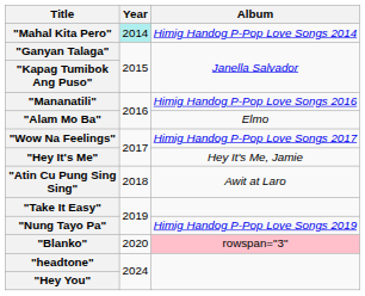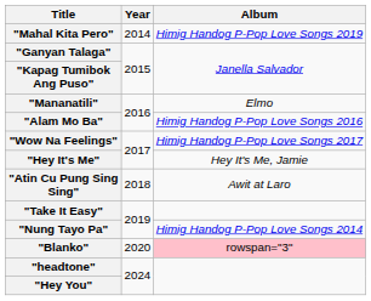 <table class="wikitable plainrowheaders" style="text-align:center;">
 <tr>
 <th scope="col" rowspan="1" style="width:150px;">Title</th>
 <th scope="col" rowspan="1">Year</th>
 <th scope="col" rowspan="1">Album</th>
 </tr>
 <tr>
 <th scope="row">"Mahal Kita Pero"</th>
-<td style="background: paleturquoise;">2014</td>
-<td><em><a href='#'>Himig Handog P-Pop Love Songs 2014</a></em></td>
+<td>2014</td>
+<td><em><a href='#'>Himig Handog P-Pop Love Songs 2019</a></em></td>
 </tr>
 <tr>
 <th scope="row">"Ganyan Talaga"</th>
 <td rowspan="2">2015</td>
 <td rowspan="2"><em><a href='#'>Janella Salvador</a></em></td>
 </tr>
 <tr>
 <th scope="row">"Kapag Tumibok Ang Puso"</th>
 </tr>
 <tr>
 <th scope="row">"Mananatili"<br></th>
 <td rowspan="2">2016</td>
-<td><em><a href='#'>Himig Handog P-Pop Love Songs 2016</a></em></td>
+<td><em>Elmo</em></td>
 </tr>
 <tr>
 <th scope="row">"Alam Mo Ba"<br></th>
-<td><em>Elmo</em></td>
+<td><em><a href='#'>Himig Handog P-Pop Love Songs 2016</a></em></td>
 </tr>
 <tr>
 <th scope="row">"Wow Na Feelings"</th>
 <td rowspan="2">2017</td>
 <td><em><a href='#'>Himig Handog P-Pop Love Songs 2017</a></em></td>
 </tr>
 <tr>
 <th scope="row">"Hey It's Me"</th>
 <td><em>Hey It's Me, Jamie</em></td>
 </tr>
 <tr>
 <th scope="row">"Atin Cu Pung Sing Sing"</th>
 <td>2018</td>
 <td><em>Awit at Laro</em></td>
 </tr>
 <tr>
 <th scope="row">"Take It Easy"</th>
 <td rowspan="2">2019</td>
 <td></td>
 </tr>
 <tr>
 <th scope="row">"Nung Tayo Pa"</th>
-<td><em><a href='#'>Himig Handog P-Pop Love Songs 2019</a></em></td>
+<td><em><a href='#'>Himig Handog P-Pop Love Songs 2014</a></em></td>
 </tr>
 <tr>
 <th scope="row">"Blanko"</th>
 <td>2020</td>
 <td style="background: pink;">rowspan="3" </td>
 </tr>
 <tr>
 <th scope="row">"headtone"</th>
 <td rowspan="2">2024</td>
 </tr>
 <tr>
 <th scope="row">"Hey You"</th>
 </tr>
 </table>
